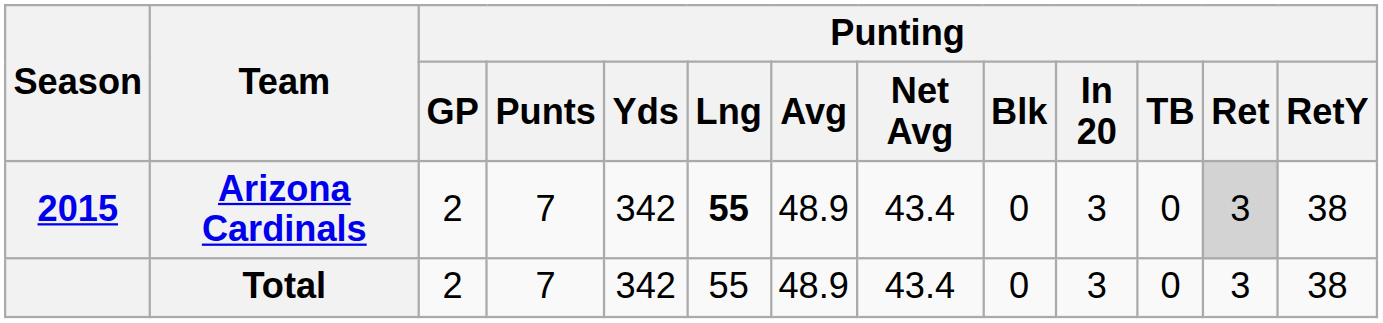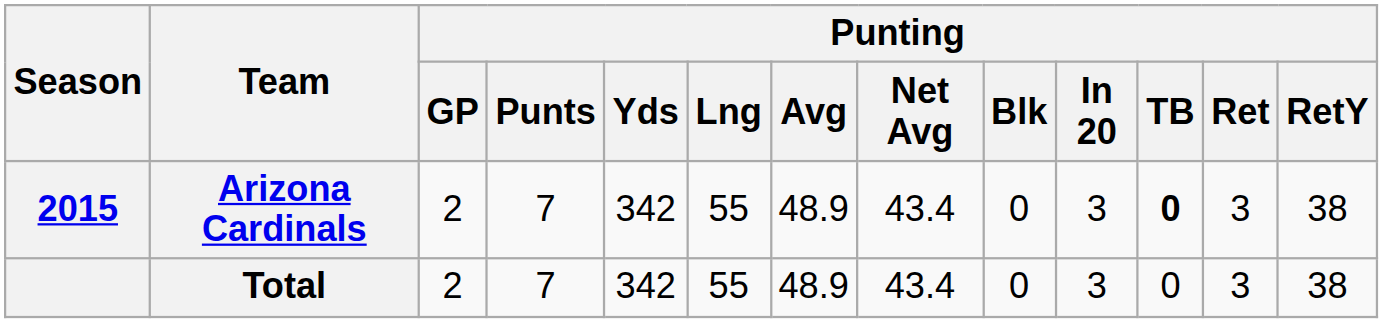 <table class=wikitable style="text-align:center;">
 <tr>
 <th rowspan=2>Season</th>
 <th rowspan=2>Team</th>
 <th colspan=16>Punting</th>
 </tr>
 <tr>
 <th>GP</th>
 <th>Punts</th>
 <th>Yds</th>
 <th>Lng</th>
 <th>Avg</th>
 <th>Net Avg</th>
 <th>Blk</th>
 <th>In 20</th>
 <th>TB</th>
 <th>Ret</th>
 <th>RetY</th>
 </tr>
 <tr>
 <th><a href='#'>2015</a></th>
 <th><a href='#'>Arizona Cardinals</a></th>
 <td>2</td>
 <td>7</td>
 <td>342</td>
-<td><strong>55</strong></td>
+<td>55</td>
 <td>48.9</td>
 <td>43.4</td>
 <td>0</td>
 <td>3</td>
-<td>0</td>
-<td style="background: lightgrey;">3</td>
+<td><strong>0</strong></td>
+<td>3</td>
 <td>38</td>
 </tr>
 <tr>
 <th></th>
 <th>Total</th>
 <td>2</td>
 <td>7</td>
 <td>342</td>
 <td>55</td>
 <td>48.9</td>
 <td>43.4</td>
 <td>0</td>
 <td>3</td>
 <td>0</td>
 <td>3</td>
 <td>38</td>
 </tr>
 </table>
